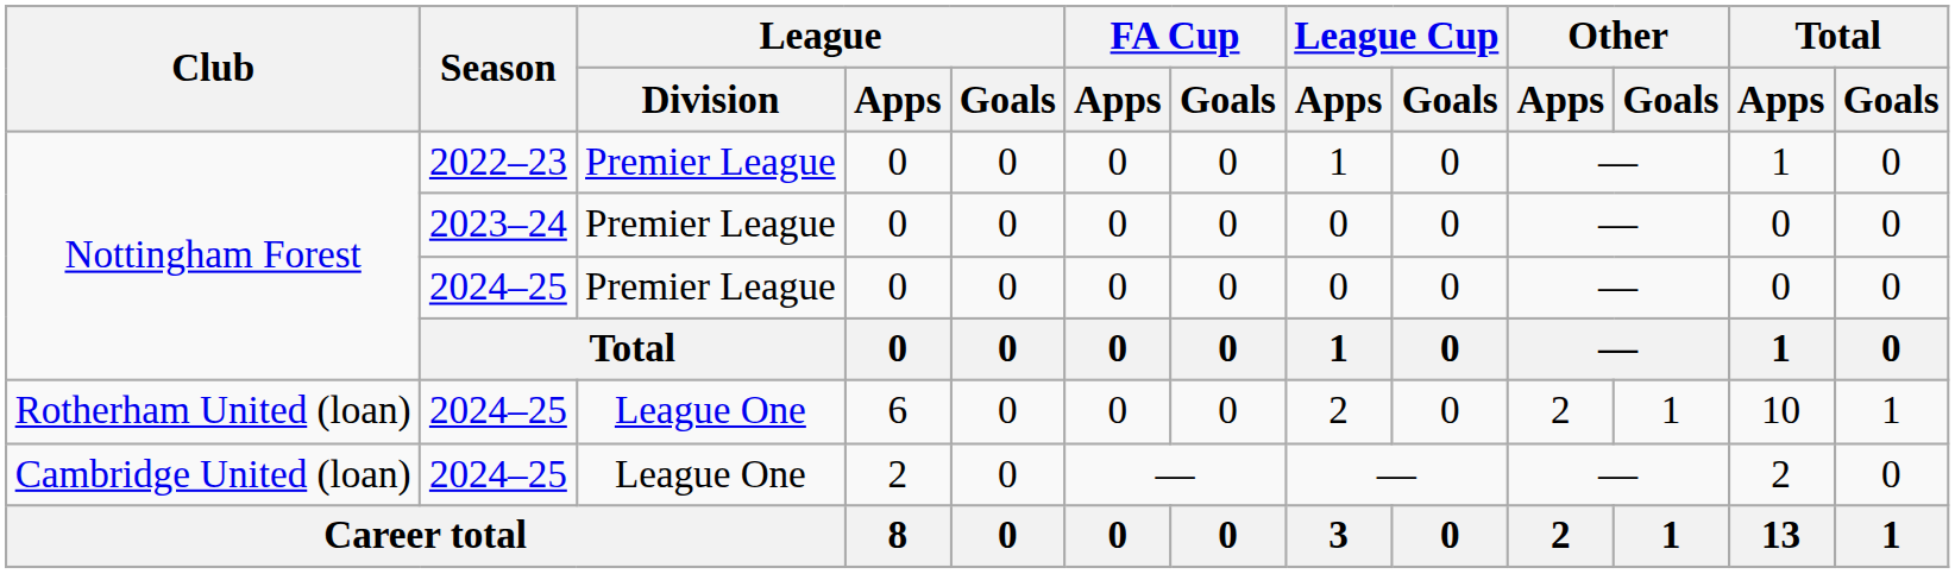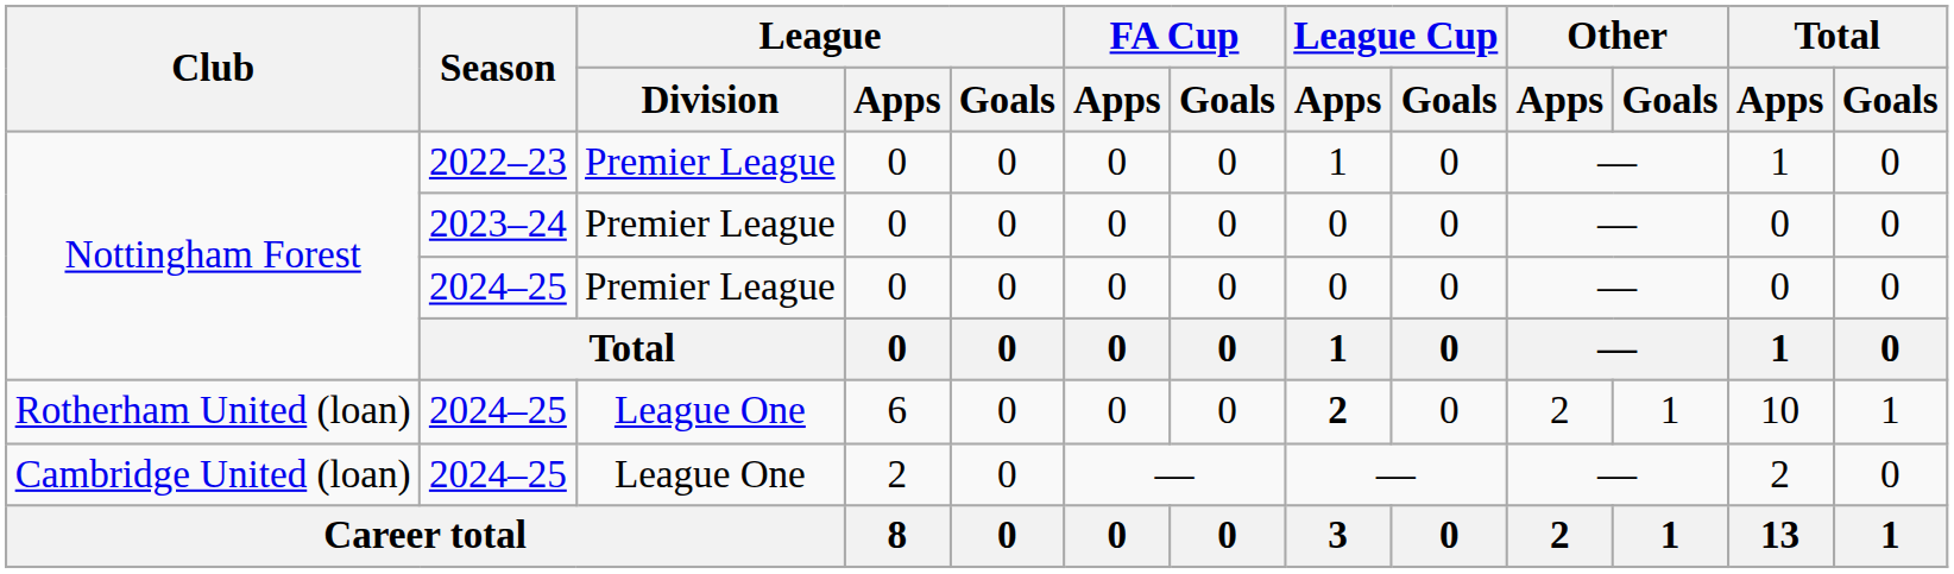 <table class="wikitable" style="text-align: center">
 <tr>
 <th rowspan="2">Club</th>
 <th rowspan="2">Season</th>
 <th colspan="3">League</th>
 <th colspan="2"><a href='#'>FA Cup</a></th>
 <th colspan="2"><a href='#'>League Cup</a></th>
 <th colspan="2">Other</th>
 <th colspan="2">Total</th>
 </tr>
 <tr>
 <th>Division</th>
 <th>Apps</th>
 <th>Goals</th>
 <th>Apps</th>
 <th>Goals</th>
 <th>Apps</th>
 <th>Goals</th>
 <th>Apps</th>
 <th>Goals</th>
 <th>Apps</th>
 <th>Goals</th>
 </tr>
 <tr>
 <td rowspan="4"><a href='#'>Nottingham Forest</a></td>
 <td><a href='#'>2022–23</a></td>
 <td><a href='#'>Premier League</a></td>
 <td>0</td>
 <td>0</td>
 <td>0</td>
 <td>0</td>
 <td>1</td>
 <td>0</td>
 <td colspan="2">—</td>
 <td>1</td>
 <td>0</td>
 </tr>
 <tr>
 <td><a href='#'>2023–24</a></td>
 <td>Premier League</td>
 <td>0</td>
 <td>0</td>
 <td>0</td>
 <td>0</td>
 <td>0</td>
 <td>0</td>
 <td colspan="2">—</td>
 <td>0</td>
 <td>0</td>
 </tr>
 <tr>
 <td><a href='#'>2024–25</a></td>
 <td>Premier League</td>
 <td>0</td>
 <td>0</td>
 <td>0</td>
 <td>0</td>
 <td>0</td>
 <td>0</td>
 <td colspan="2">—</td>
 <td>0</td>
 <td>0</td>
 </tr>
 <tr>
 <th colspan="2">Total</th>
 <th>0</th>
 <th>0</th>
 <th>0</th>
 <th>0</th>
 <th>1</th>
 <th>0</th>
 <th colspan="2">—</th>
 <th>1</th>
 <th>0</th>
 </tr>
 <tr>
 <td><a href='#'>Rotherham United</a> (loan)</td>
 <td><a href='#'>2024–25</a></td>
 <td><a href='#'>League One</a></td>
 <td>6</td>
 <td>0</td>
 <td>0</td>
 <td>0</td>
-<td>2</td>
+<td><strong>2</strong></td>
 <td>0</td>
 <td>2</td>
 <td>1</td>
 <td>10</td>
 <td>1</td>
 </tr>
 <tr>
 <td><a href='#'>Cambridge United</a> (loan)</td>
 <td><a href='#'>2024–25</a></td>
 <td>League One</td>
 <td>2</td>
 <td>0</td>
 <td colspan=2>—</td>
 <td colspan=2>—</td>
 <td colspan=2>—</td>
 <td>2</td>
 <td>0</td>
 </tr>
 <tr>
 <th colspan="3">Career total</th>
 <th>8</th>
 <th>0</th>
 <th>0</th>
 <th>0</th>
 <th>3</th>
 <th>0</th>
 <th>2</th>
 <th>1</th>
 <th>13</th>
 <th>1</th>
 </tr>
 </table>
